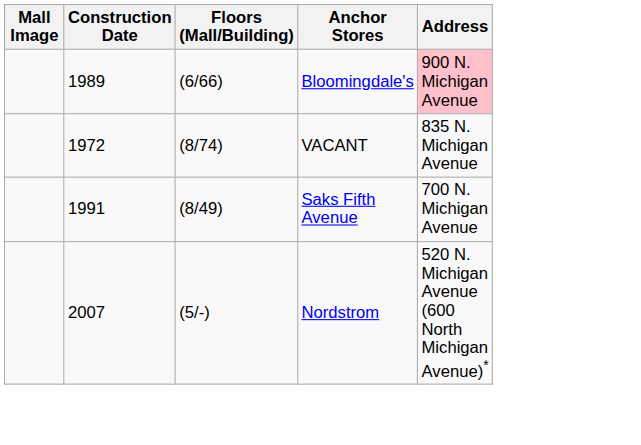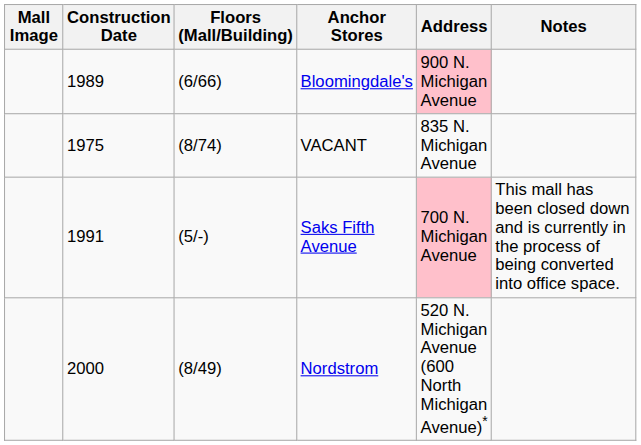 <table class="wikitable">
 <tr>
 <th style="width:50px;">Mall Image</th>
 <th width="25">Construction Date</th>
 <th width="75">Floors (Mall/Building)</th>
 <th style="width:100px;">Anchor Stores</th>
 <th width="50">Address</th>
+<th width="150">Notes</th>
 </tr>
 <tr>
 <td></td>
 <td>1989</td>
 <td>(6/66)</td>
 <td><a href='#'>Bloomingdale's</a></td>
 <td style="background: pink;">900 N. Michigan Avenue</td>
+<td></td>
 </tr>
 <tr>
 <td></td>
-<td>1972</td>
+<td>1975</td>
 <td>(8/74)</td>
 <td>VACANT</td>
 <td>835 N. Michigan Avenue</td>
+<td></td>
 </tr>
 <tr>
 <td></td>
 <td>1991</td>
-<td>(8/49)</td>
+<td>(5/-)</td>
 <td><a href='#'>Saks Fifth Avenue</a></td>
-<td>700 N. Michigan Avenue</td>
+<td style="background: pink;">700 N. Michigan Avenue</td>
+<td>This mall has been closed down and is currently in the process of being converted into office space.</td>
 </tr>
 <tr>
 <td></td>
-<td>2007</td>
-<td>(5/-)</td>
+<td>2000</td>
+<td>(8/49)</td>
 <td><a href='#'>Nordstrom</a></td>
 <td>520 N. Michigan Avenue<br>(600 North Michigan Avenue)<sup>*</sup></td>
+<td></td>
 </tr>
 </table>
